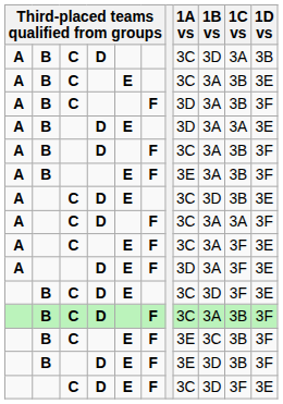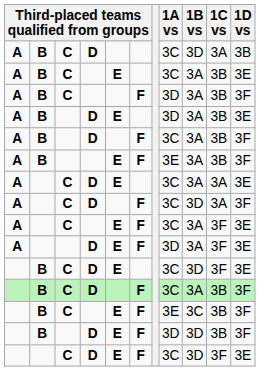 <table class="wikitable" style="text-align: center; font-size:85%">
 <tr>
 <th colspan="6">Third-placed teams<br>qualified from groups</th>
 <th rowspan="16"></th>
 <th>1A<br>vs</th>
 <th>1B<br>vs</th>
 <th>1C<br>vs</th>
 <th>1D<br>vs</th>
 </tr>
 <tr>
 <td><strong>A</strong></td>
 <td><strong>B</strong></td>
 <td><strong>C</strong></td>
 <td><strong>D</strong></td>
 <td></td>
 <td></td>
 <td>3C</td>
 <td>3D</td>
 <td>3A</td>
 <td>3B</td>
 </tr>
 <tr>
 <td><strong>A</strong></td>
 <td><strong>B</strong></td>
 <td><strong>C</strong></td>
 <td></td>
 <td><strong>E</strong></td>
 <td></td>
 <td>3C</td>
 <td>3A</td>
 <td>3B</td>
 <td>3E</td>
 </tr>
 <tr>
 <td><strong>A</strong></td>
 <td><strong>B</strong></td>
 <td><strong>C</strong></td>
 <td></td>
 <td></td>
 <td><strong>F</strong></td>
 <td>3D</td>
 <td>3A</td>
 <td>3B</td>
 <td>3F</td>
 </tr>
 <tr>
 <td><strong>A</strong></td>
 <td><strong>B</strong></td>
 <td></td>
 <td><strong>D</strong></td>
 <td><strong>E</strong></td>
 <td></td>
 <td>3D</td>
 <td>3A</td>
-<td>3A</td>
+<td>3B</td>
 <td>3E</td>
 </tr>
 <tr>
 <td><strong>A</strong></td>
 <td><strong>B</strong></td>
 <td></td>
 <td><strong>D</strong></td>
 <td></td>
 <td><strong>F</strong></td>
 <td>3C</td>
 <td>3A</td>
 <td>3B</td>
 <td>3F</td>
 </tr>
 <tr>
 <td><strong>A</strong></td>
 <td><strong>B</strong></td>
 <td></td>
 <td></td>
 <td><strong>E</strong></td>
 <td><strong>F</strong></td>
 <td>3E</td>
 <td>3A</td>
 <td>3B</td>
 <td>3F</td>
 </tr>
 <tr>
 <td><strong>A</strong></td>
 <td></td>
 <td><strong>C</strong></td>
 <td><strong>D</strong></td>
 <td><strong>E</strong></td>
 <td></td>
 <td>3C</td>
-<td>3D</td>
-<td>3B</td>
+<td>3A</td>
+<td>3A</td>
 <td>3E</td>
 </tr>
 <tr>
 <td><strong>A</strong></td>
 <td></td>
 <td><strong>C</strong></td>
 <td><strong>D</strong></td>
 <td></td>
 <td><strong>F</strong></td>
 <td>3C</td>
-<td>3A</td>
+<td>3D</td>
 <td>3A</td>
 <td>3F</td>
 </tr>
 <tr>
 <td><strong>A</strong></td>
 <td></td>
 <td><strong>C</strong></td>
 <td></td>
 <td><strong>E</strong></td>
 <td><strong>F</strong></td>
 <td>3C</td>
 <td>3A</td>
 <td>3F</td>
 <td>3E</td>
 </tr>
 <tr>
 <td><strong>A</strong></td>
 <td></td>
 <td></td>
 <td><strong>D</strong></td>
 <td><strong>E</strong></td>
 <td><strong>F</strong></td>
 <td>3D</td>
 <td>3A</td>
 <td>3F</td>
 <td>3E</td>
 </tr>
 <tr>
 <td></td>
 <td><strong>B</strong></td>
 <td><strong>C</strong></td>
 <td><strong>D</strong></td>
 <td><strong>E</strong></td>
 <td></td>
 <td>3C</td>
 <td>3D</td>
 <td>3F</td>
 <td>3E</td>
 </tr>
 <tr bgcolor=#BBF3BB>
 <td></td>
 <td><strong>B</strong></td>
 <td><strong>C</strong></td>
 <td><strong>D</strong></td>
 <td></td>
 <td><strong>F</strong></td>
 <td>3C</td>
 <td>3A</td>
 <td>3B</td>
 <td>3F</td>
 </tr>
 <tr>
 <td></td>
 <td><strong>B</strong></td>
 <td><strong>C</strong></td>
 <td></td>
 <td><strong>E</strong></td>
 <td><strong>F</strong></td>
 <td>3E</td>
 <td>3C</td>
 <td>3B</td>
 <td>3F</td>
 </tr>
 <tr>
 <td></td>
 <td><strong>B</strong></td>
 <td></td>
 <td><strong>D</strong></td>
 <td><strong>E</strong></td>
 <td><strong>F</strong></td>
-<td>3E</td>
+<td>3D</td>
 <td>3D</td>
 <td>3B</td>
 <td>3F</td>
 </tr>
 <tr>
 <td></td>
 <td></td>
 <td><strong>C</strong></td>
 <td><strong>D</strong></td>
 <td><strong>E</strong></td>
 <td><strong>F</strong></td>
 <td>3C</td>
 <td>3D</td>
 <td>3F</td>
 <td>3E</td>
 </tr>
 </table>
